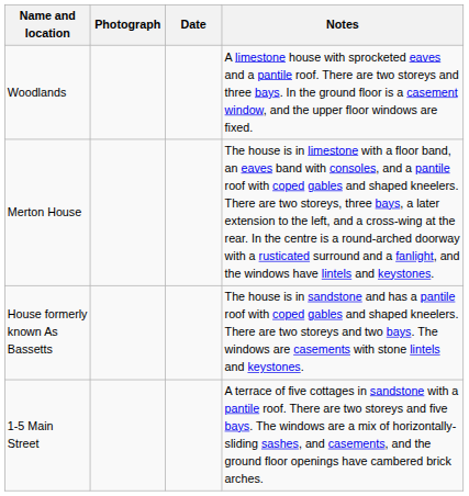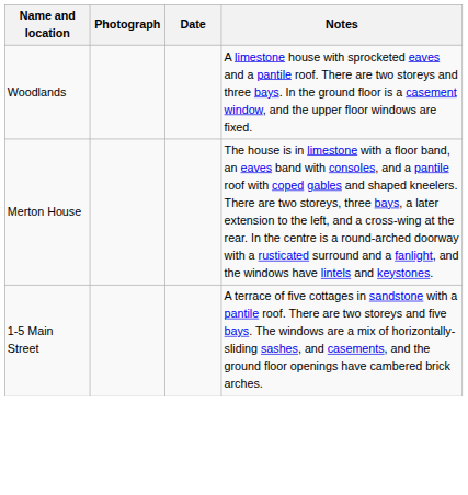 <table class="wikitable sortable plainrowheaders" style="width:100%;border:0px;text-align:left;line-height:150%;">
 <tr>
 <th scope="col"  style="width:150px">Name and location</th>
 <th scope="col"  style="width:100px" class="unsortable">Photograph</th>
 <th scope="col"  style="width:120px">Date</th>
 <th scope="col"  style="width:650px" class="unsortable">Notes</th>
 </tr>
 <tr>
 <td>Woodlands<br><small></small></td>
 <td></td>
 <td align="center"></td>
 <td>A <a href='#'>limestone</a> house with sprocketed <a href='#'>eaves</a> and a <a href='#'>pantile</a> roof.  There are two storeys and three <a href='#'>bays</a>.   In the ground floor is a <a href='#'>casement window</a>, and the upper floor windows are fixed.</td>
 </tr>
 <tr>
 <td>Merton House<br><small></small></td>
 <td></td>
 <td align="center"></td>
 <td>The house is in <a href='#'>limestone</a> with a floor band, an <a href='#'>eaves</a> band with <a href='#'>consoles</a>, and a <a href='#'>pantile</a> roof with <a href='#'>coped</a> <a href='#'>gables</a> and shaped kneelers.  There are two storeys, three <a href='#'>bays</a>, a later extension to the left, and a cross-wing at the rear.  In the centre is a round-arched doorway with a <a href='#'>rusticated</a> surround and a <a href='#'>fanlight</a>, and the windows have <a href='#'>lintels</a> and <a href='#'>keystones</a>.</td>
 </tr>
 <tr>
-<td>House formerly known As Bassetts<br><small></small></td>
-<td></td>
-<td align="center"></td>
-<td>The house is in <a href='#'>sandstone</a> and has a <a href='#'>pantile</a> roof with <a href='#'>coped</a> <a href='#'>gables</a> and shaped kneelers.  There are two storeys and two <a href='#'>bays</a>.  The windows are <a href='#'>casements</a> with stone <a href='#'>lintels</a> and <a href='#'>keystones</a>.</td>
-</tr>
-<tr>
 <td>1-5 Main Street<br><small></small></td>
 <td></td>
 <td align="center"></td>
 <td>A terrace of five cottages in <a href='#'>sandstone</a> with a <a href='#'>pantile</a> roof.  There are two storeys and five <a href='#'>bays</a>.  The windows are a mix of horizontally-sliding <a href='#'>sashes</a>, and <a href='#'>casements</a>, and the ground floor openings have cambered brick arches.</td>
 </tr>
 <tr>
 </tr>
 </table>
